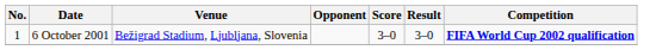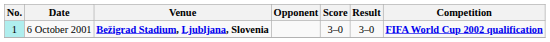 <table class="wikitable sortable">
 <tr>
 <th scope="col">No.</th>
 <th scope="col">Date</th>
 <th scope="col">Venue</th>
 <th scope="col">Opponent</th>
 <th scope="col">Score</th>
 <th scope="col">Result</th>
 <th scope="col">Competition</th>
 </tr>
 <tr>
-<td align=center>1</td>
+<td align=center style="background: paleturquoise;">1</td>
 <td>6 October 2001</td>
-<td><a href='#'>Bežigrad Stadium</a>, <a href='#'>Ljubljana</a>, Slovenia</td>
+<td><strong><a href='#'>Bežigrad Stadium</a>, <a href='#'>Ljubljana</a>, Slovenia</strong></td>
 <td></td>
 <td align=center>3–0</td>
 <td align=center>3–0</td>
 <td><strong><a href='#'>FIFA World Cup 2002 qualification</a></strong></td>
 </tr>
 <tr>
 </tr>
 </table>
